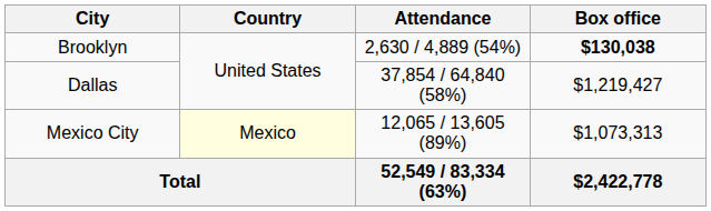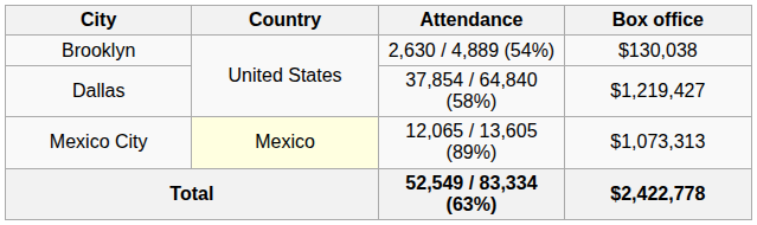 <table class="wikitable" style="text-align:center;">
 <tr>
 <th rowspan="" width="150">City</th>
 <th rowspan="" width="150">Country</th>
 <th colspan="" width="150">Attendance</th>
 <th colspan="" width="150">Box office</th>
 </tr>
 <tr>
 <td>Brooklyn</td>
 <td rowspan="2">United States</td>
 <td>2,630 / 4,889 (54%)</td>
-<td><strong>$130,038</strong></td>
+<td>$130,038</td>
 </tr>
 <tr>
 <td>Dallas</td>
 <td>37,854 / 64,840 (58%)</td>
 <td>$1,219,427</td>
 </tr>
 <tr>
 <td>Mexico City</td>
 <td style="background: lightyellow;">Mexico</td>
 <td>12,065 / 13,605 (89%)</td>
 <td>$1,073,313</td>
 </tr>
 <tr>
 <th colspan="2">Total</th>
 <th colspan="">52,549 / 83,334 (63%)</th>
 <th colspan="">$2,422,778</th>
 </tr>
 </table>
